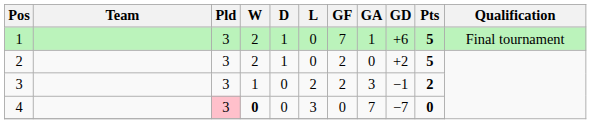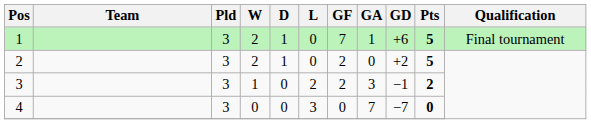 <table class="wikitable" border="1" style="text-align: center;">
 <tr>
 <th width="25"><abbr>Pos</abbr></th>
 <th width="190">Team</th>
 <th width="25"><abbr>Pld</abbr></th>
 <th width="25"><abbr>W</abbr></th>
 <th width="25"><abbr>D</abbr></th>
 <th width="25"><abbr>L</abbr></th>
 <th width="25"><abbr>GF</abbr></th>
 <th width="25"><abbr>GA</abbr></th>
 <th width="25"><abbr>GD</abbr></th>
 <th width="25"><abbr>Pts</abbr></th>
 <th width="150">Qualification</th>
 </tr>
 <tr bgcolor = #BBF3BB>
 <td>1</td>
 <td align="left"></td>
 <td>3</td>
 <td>2</td>
 <td>1</td>
 <td>0</td>
 <td>7</td>
 <td>1</td>
 <td>+6</td>
 <td><strong>5</strong></td>
 <td>Final tournament</td>
 </tr>
 <tr>
 <td>2</td>
 <td align="left"></td>
 <td>3</td>
 <td>2</td>
 <td>1</td>
 <td>0</td>
 <td>2</td>
 <td>0</td>
 <td>+2</td>
 <td><strong>5</strong></td>
 </tr>
 <tr>
 <td>3</td>
 <td align="left"></td>
 <td>3</td>
 <td>1</td>
 <td>0</td>
 <td>2</td>
 <td>2</td>
 <td>3</td>
 <td>−1</td>
 <td><strong>2</strong></td>
 </tr>
 <tr>
 <td>4</td>
 <td align="left"></td>
-<td style="background: pink;">3</td>
-<td><strong>0</strong></td>
+<td>3</td>
+<td>0</td>
 <td>0</td>
 <td>3</td>
 <td>0</td>
 <td>7</td>
 <td>−7</td>
 <td><strong>0</strong></td>
 </tr>
 <tr>
 </tr>
 </table>
